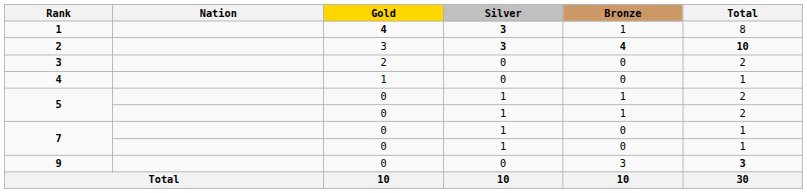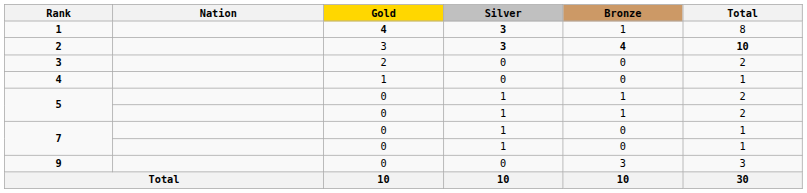 <table class="wikitable collapsible autocollapse plainrowheaders" width=80% style="text-align:center;">
 <tr style="background-color:#EDEDED;">
 <th width=100px class="hintergrundfarbe5">Rank</th>
 <th width=200px class="hintergrundfarbe6">Nation</th>
 <th style="background:    gold; width:15%">Gold</th>
 <th style="background:  silver; width:15%">Silver</th>
 <th style="background: #CC9966; width:15%">Bronze</th>
 <th class="hintergrundfarbe6" style="width:15%">Total</th>
 </tr>
 <tr>
 <td><strong>1</strong></td>
 <td align=left></td>
 <td><strong>4</strong></td>
 <td><strong>3</strong></td>
 <td>1</td>
 <td>8</td>
 </tr>
 <tr>
 <td><strong>2</strong></td>
 <td align=left><em></em></td>
 <td>3</td>
 <td><strong>3</strong></td>
 <td><strong>4</strong></td>
 <td><strong>10</strong></td>
 </tr>
 <tr>
 <td><strong>3</strong></td>
 <td align=left></td>
 <td>2</td>
 <td>0</td>
 <td>0</td>
 <td>2</td>
 </tr>
 <tr>
 <td><strong>4</strong></td>
 <td align=left></td>
 <td>1</td>
 <td>0</td>
 <td>0</td>
 <td>1</td>
 </tr>
 <tr>
 <td rowspan=2><strong>5</strong></td>
 <td align=left></td>
 <td>0</td>
 <td>1</td>
 <td>1</td>
 <td>2</td>
 </tr>
 <tr>
 <td align=left><em></em></td>
 <td>0</td>
 <td>1</td>
 <td>1</td>
 <td>2</td>
 </tr>
 <tr>
 <td rowspan=2><strong>7</strong></td>
 <td align=left></td>
 <td>0</td>
 <td>1</td>
 <td>0</td>
 <td>1</td>
 </tr>
 <tr>
 <td align=left></td>
 <td>0</td>
 <td>1</td>
 <td>0</td>
 <td>1</td>
 </tr>
 <tr>
 <td><strong>9</strong></td>
 <td align=left><em></em></td>
 <td>0</td>
 <td>0</td>
 <td>3</td>
-<td><strong>3</strong></td>
+<td>3</td>
 </tr>
 <tr>
 <th colspan=2>Total</th>
 <th>10</th>
 <th>10</th>
 <th>10</th>
 <th>30</th>
 </tr>
 </table>
